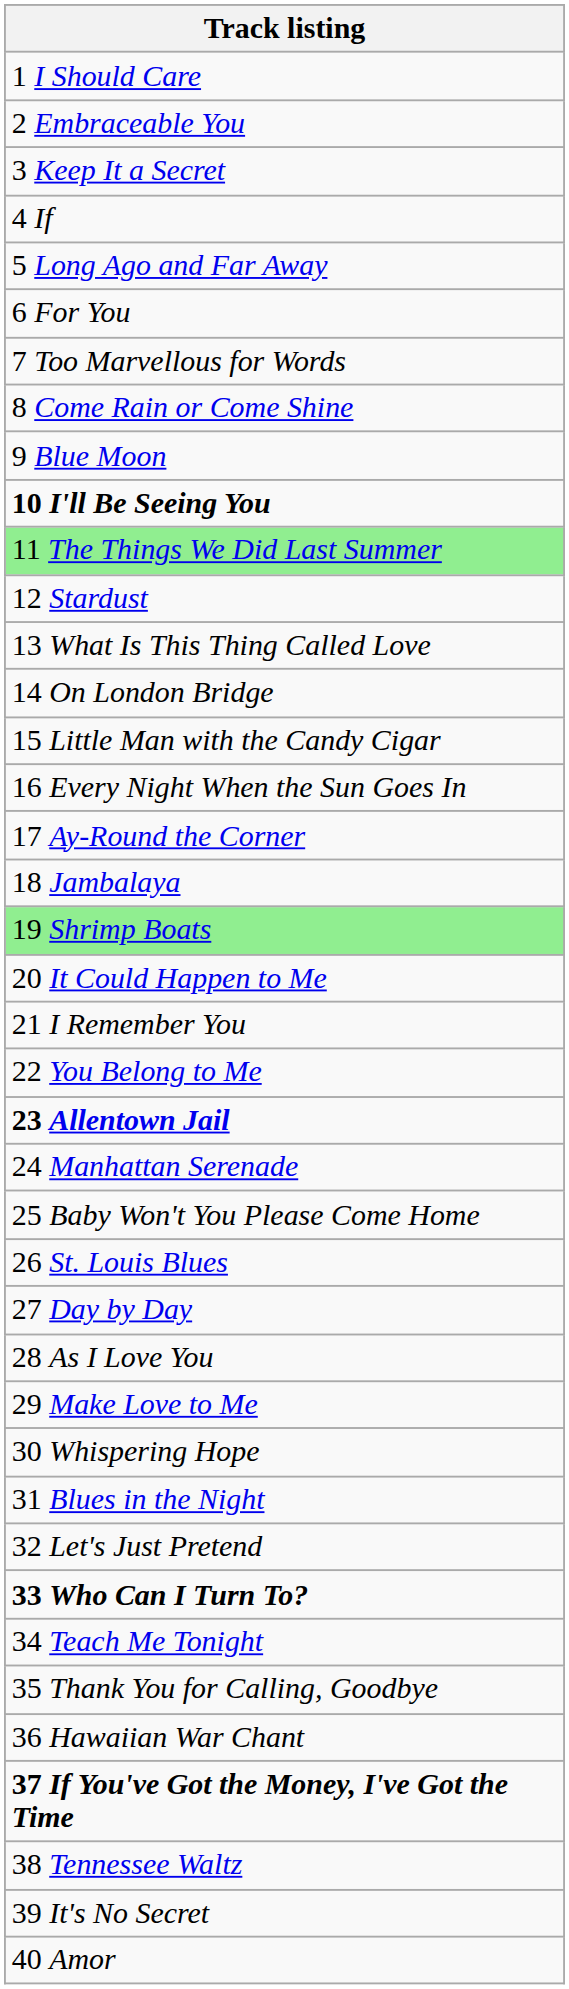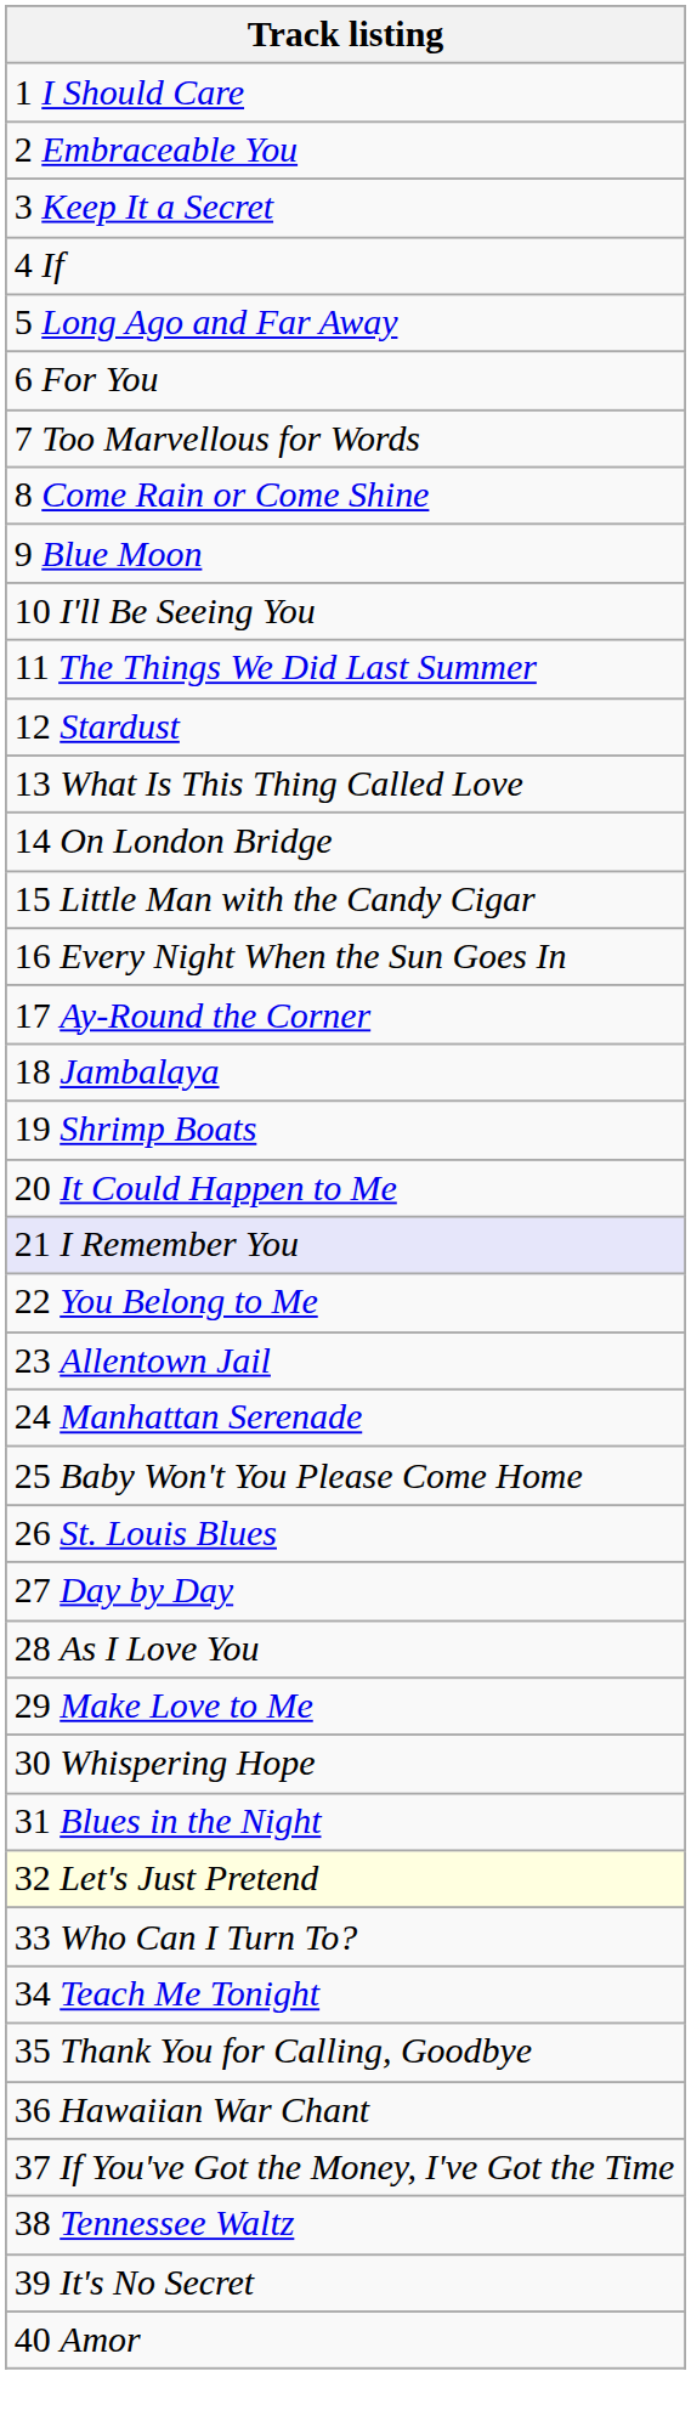 <table class="wikitable collapsible collapsed" style="width:300px;">
 <tr>
 <th>Track listing</th>
 </tr>
 <tr>
 <td>1 <em><a href='#'>I Should Care</a></em></td>
 </tr>
 <tr>
 <td>2 <em><a href='#'>Embraceable You</a></em></td>
 </tr>
 <tr>
 <td>3 <em><a href='#'>Keep It a Secret</a></em></td>
 </tr>
 <tr>
 <td>4 <em>If</em></td>
 </tr>
 <tr>
 <td>5 <em><a href='#'>Long Ago and Far Away</a></em></td>
 </tr>
 <tr>
 <td>6 <em>For You</em></td>
 </tr>
 <tr>
 <td>7 <em>Too Marvellous for Words</em></td>
 </tr>
 <tr>
 <td>8 <em><a href='#'>Come Rain or Come Shine</a></em></td>
 </tr>
 <tr>
 <td>9 <em><a href='#'>Blue Moon</a></em></td>
 </tr>
 <tr>
-<td><strong>10 <em>I'll Be Seeing You</em></strong></td>
+<td>10 <em>I'll Be Seeing You</em></td>
 </tr>
 <tr>
-<td style="background: lightgreen;">11 <em><a href='#'>The Things We Did Last Summer</a></em></td>
+<td>11 <em><a href='#'>The Things We Did Last Summer</a></em></td>
 </tr>
 <tr>
 <td>12 <em><a href='#'>Stardust</a></em></td>
 </tr>
 <tr>
 <td>13 <em>What Is This Thing Called Love</em></td>
 </tr>
 <tr>
 <td>14 <em>On London Bridge</em></td>
 </tr>
 <tr>
 <td>15 <em>Little Man with the Candy Cigar</em></td>
 </tr>
 <tr>
 <td>16 <em>Every Night When the Sun Goes In</em></td>
 </tr>
 <tr>
 <td>17 <em><a href='#'>Ay-Round the Corner</a></em></td>
 </tr>
 <tr>
 <td>18 <em><a href='#'>Jambalaya</a></em></td>
 </tr>
 <tr>
-<td style="background: lightgreen;">19 <em><a href='#'>Shrimp Boats</a></em></td>
+<td>19 <em><a href='#'>Shrimp Boats</a></em></td>
 </tr>
 <tr>
 <td>20 <em><a href='#'>It Could Happen to Me</a></em></td>
 </tr>
 <tr>
-<td>21 <em>I Remember You</em></td>
+<td style="background: lavender;">21 <em>I Remember You</em></td>
 </tr>
 <tr>
 <td>22 <em><a href='#'>You Belong to Me</a></em></td>
 </tr>
 <tr>
-<td><strong>23 <em><a href='#'>Allentown Jail</a></em></strong></td>
+<td>23 <em><a href='#'>Allentown Jail</a></em></td>
 </tr>
 <tr>
 <td>24 <em><a href='#'>Manhattan Serenade</a></em></td>
 </tr>
 <tr>
 <td>25 <em>Baby Won't You Please Come Home</em></td>
 </tr>
 <tr>
 <td>26 <em><a href='#'>St. Louis Blues</a></em></td>
 </tr>
 <tr>
 <td>27 <em><a href='#'>Day by Day</a></em></td>
 </tr>
 <tr>
 <td>28 <em>As I Love You</em></td>
 </tr>
 <tr>
 <td>29 <em><a href='#'>Make Love to Me</a></em></td>
 </tr>
 <tr>
 <td>30 <em>Whispering Hope</em></td>
 </tr>
 <tr>
 <td>31 <em><a href='#'>Blues in the Night</a></em></td>
 </tr>
 <tr>
-<td>32 <em>Let's Just Pretend</em></td>
+<td style="background: lightyellow;">32 <em>Let's Just Pretend</em></td>
 </tr>
 <tr>
-<td><strong>33 <em>Who Can I Turn To?</em></strong></td>
+<td>33 <em>Who Can I Turn To?</em></td>
 </tr>
 <tr>
 <td>34 <em><a href='#'>Teach Me Tonight</a></em></td>
 </tr>
 <tr>
 <td>35 <em>Thank You for Calling, Goodbye</em></td>
 </tr>
 <tr>
 <td>36 <em>Hawaiian War Chant</em></td>
 </tr>
 <tr>
-<td><strong>37 <em>If You've Got the Money, I've Got the Time</em></strong></td>
+<td>37 <em>If You've Got the Money, I've Got the Time</em></td>
 </tr>
 <tr>
 <td>38 <em><a href='#'>Tennessee Waltz</a></em></td>
 </tr>
 <tr>
 <td>39 <em>It's No Secret</em></td>
 </tr>
 <tr>
 <td>40 <em>Amor</em></td>
 </tr>
 </table>
